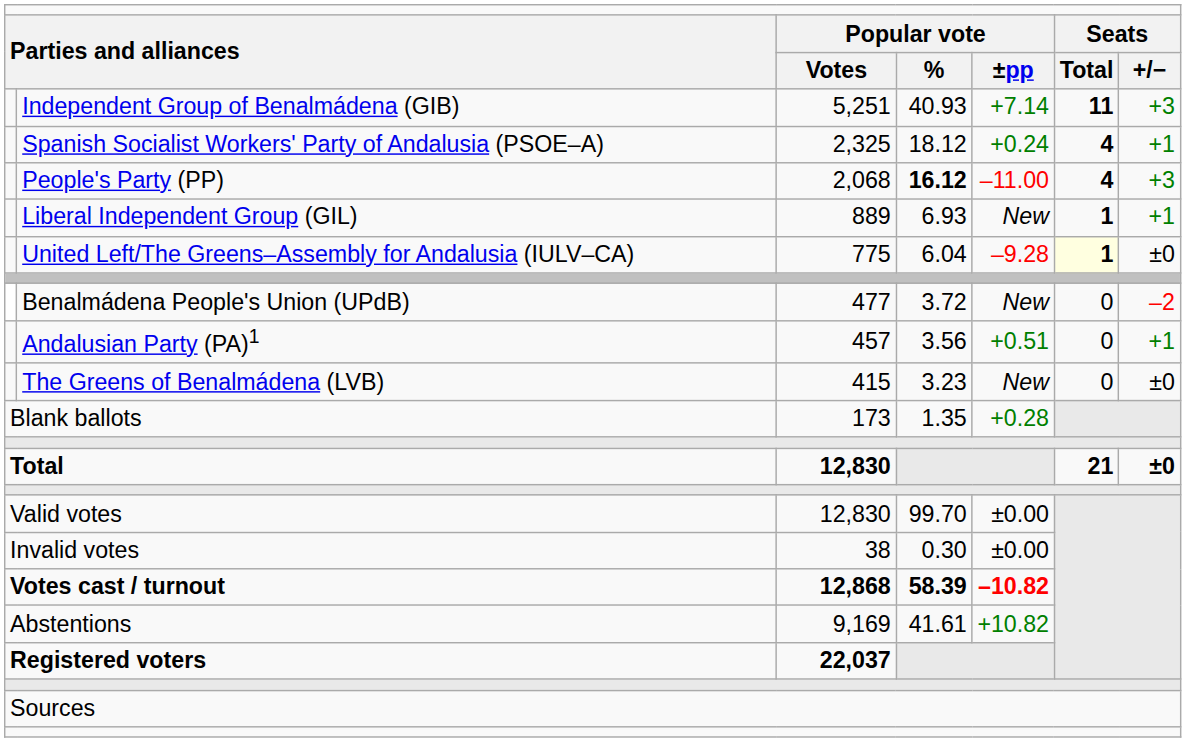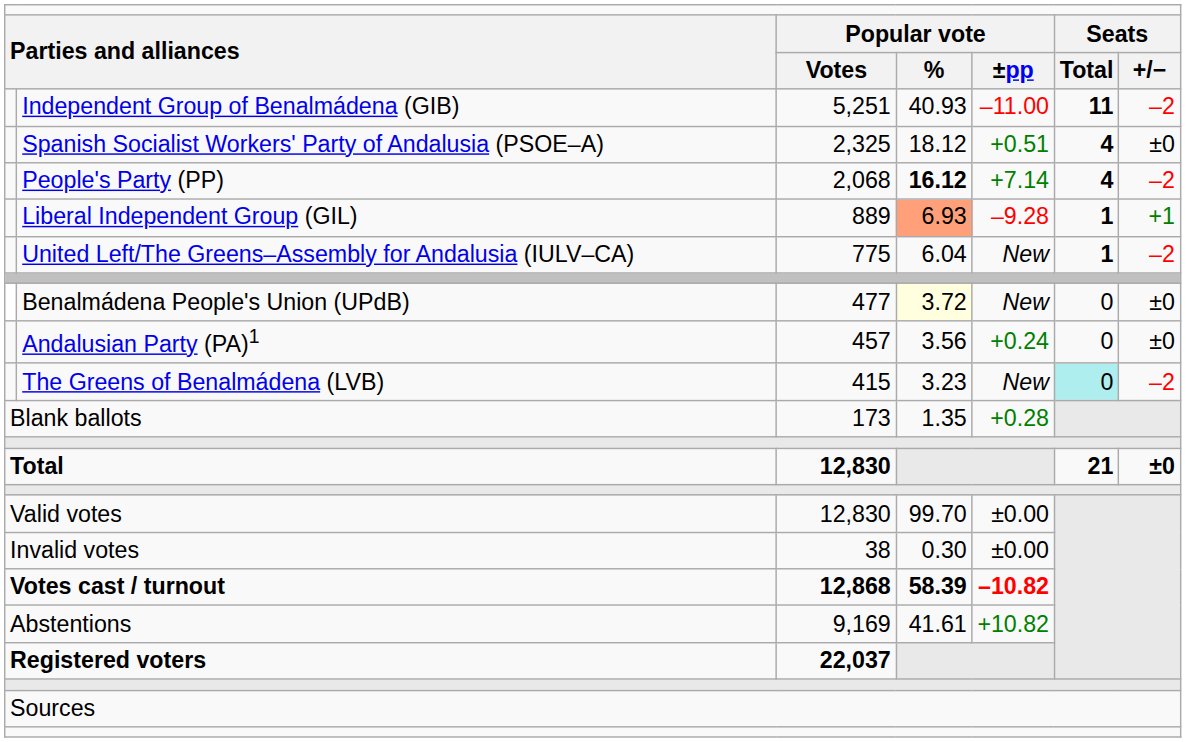 <table class="wikitable" style="text-align:right;">
 <tr>
 <td colspan="7"></td>
 </tr>
 <tr>
 <th style="text-align:left;" rowspan="2" colspan="2" width="525">Parties and alliances</th>
 <th colspan="3">Popular vote</th>
 <th colspan="2">Seats</th>
 </tr>
 <tr>
 <th width="75">Votes</th>
 <th width="45">%</th>
 <th width="45">±<a href='#'>pp</a></th>
 <th width="35">Total</th>
 <th width="35">+/−</th>
 </tr>
 <tr>
 <td width="1" style="color:inherit;background:"></td>
 <td align="left"><a href='#'>Independent Group of Benalmádena</a> (GIB)</td>
 <td>5,251</td>
 <td>40.93</td>
-<td style="color:green;">+7.14</td>
+<td style="color:red;">–11.00</td>
 <td><strong>11</strong></td>
-<td style="color:green;">+3</td>
+<td style="color:red;">–2</td>
 </tr>
 <tr>
 <td style="color:inherit;background:"></td>
 <td align="left"><a href='#'>Spanish Socialist Workers' Party of Andalusia</a> (PSOE–A)</td>
 <td>2,325</td>
 <td>18.12</td>
-<td style="color:green;">+0.24</td>
+<td style="color:green;">+0.51</td>
 <td><strong>4</strong></td>
-<td style="color:green;">+1</td>
+<td>±0</td>
 </tr>
 <tr>
 <td style="color:inherit;background:"></td>
 <td align="left"><a href='#'>People's Party</a> (PP)</td>
 <td>2,068</td>
 <td><strong>16.12</strong></td>
-<td style="color:red;">–11.00</td>
+<td style="color:green;">+7.14</td>
 <td><strong>4</strong></td>
-<td style="color:green;">+3</td>
+<td style="color:red;">–2</td>
 </tr>
 <tr>
 <td style="color:inherit;background:"></td>
 <td align="left"><a href='#'>Liberal Independent Group</a> (GIL)</td>
 <td>889</td>
-<td>6.93</td>
-<td><em>New</em></td>
+<td style="background: lightsalmon;">6.93</td>
+<td style="color:red;">–9.28</td>
 <td><strong>1</strong></td>
 <td style="color:green;">+1</td>
 </tr>
 <tr>
 <td style="color:inherit;background:"></td>
 <td align="left"><a href='#'>United Left/The Greens–Assembly for Andalusia</a> (IULV–CA)</td>
 <td>775</td>
 <td>6.04</td>
-<td style="color:red;">–9.28</td>
-<td style="background: lightyellow;"><strong>1</strong></td>
-<td>±0</td>
+<td><em>New</em></td>
+<td><strong>1</strong></td>
+<td style="color:red;">–2</td>
 </tr>
 <tr>
 <td colspan="7" bgcolor="#C0C0C0"></td>
 </tr>
 <tr>
 <td bgcolor="white"></td>
 <td align="left">Benalmádena People's Union (UPdB)</td>
 <td>477</td>
-<td>3.72</td>
+<td style="background: lightyellow;">3.72</td>
 <td><em>New</em></td>
 <td>0</td>
-<td style="color:red;">–2</td>
+<td>±0</td>
 </tr>
 <tr>
 <td style="color:inherit;background:"></td>
 <td align="left"><a href='#'>Andalusian Party</a> (PA)<sup>1</sup></td>
 <td>457</td>
 <td>3.56</td>
-<td style="color:green;">+0.51</td>
+<td style="color:green;">+0.24</td>
 <td>0</td>
-<td style="color:green;">+1</td>
+<td>±0</td>
 </tr>
 <tr>
 <td style="color:inherit;background:"></td>
 <td align="left"><a href='#'>The Greens of Benalmádena</a> (LVB)</td>
 <td>415</td>
 <td>3.23</td>
 <td><em>New</em></td>
-<td>0</td>
-<td>±0</td>
+<td style="background: paleturquoise;">0</td>
+<td style="color:red;">–2</td>
 </tr>
 <tr>
 <td align="left" colspan="2">Blank ballots</td>
 <td>173</td>
 <td>1.35</td>
 <td style="color:green;">+0.28</td>
 <td bgcolor="#E9E9E9" colspan="2"></td>
 </tr>
 <tr>
 <td colspan="7" bgcolor="#E9E9E9"></td>
 </tr>
 <tr style="font-weight:bold;">
 <td align="left" colspan="2">Total</td>
 <td>12,830</td>
 <td bgcolor="#E9E9E9" colspan="2"></td>
 <td>21</td>
 <td>±0</td>
 </tr>
 <tr>
 <td colspan="7" bgcolor="#E9E9E9"></td>
 </tr>
 <tr>
 <td align="left" colspan="2">Valid votes</td>
 <td>12,830</td>
 <td>99.70</td>
 <td>±0.00</td>
 <td bgcolor="#E9E9E9" colspan="2" rowspan="5"></td>
 </tr>
 <tr>
 <td align="left" colspan="2">Invalid votes</td>
 <td>38</td>
 <td>0.30</td>
 <td>±0.00</td>
 </tr>
 <tr style="font-weight:bold;">
 <td align="left" colspan="2">Votes cast / turnout</td>
 <td>12,868</td>
 <td>58.39</td>
 <td style="color:red;">–10.82</td>
 </tr>
 <tr>
 <td align="left" colspan="2">Abstentions</td>
 <td>9,169</td>
 <td>41.61</td>
 <td style="color:green;">+10.82</td>
 </tr>
 <tr style="font-weight:bold;">
 <td align="left" colspan="2">Registered voters</td>
 <td>22,037</td>
 <td bgcolor="#E9E9E9" colspan="2"></td>
 </tr>
 <tr>
 <td colspan="7" bgcolor="#E9E9E9"></td>
 </tr>
 <tr>
 <td align="left" colspan="7">Sources</td>
 </tr>
 <tr>
 <td colspan="7" style="text-align:left; max-width:790px;"></td>
 </tr>
 </table>
